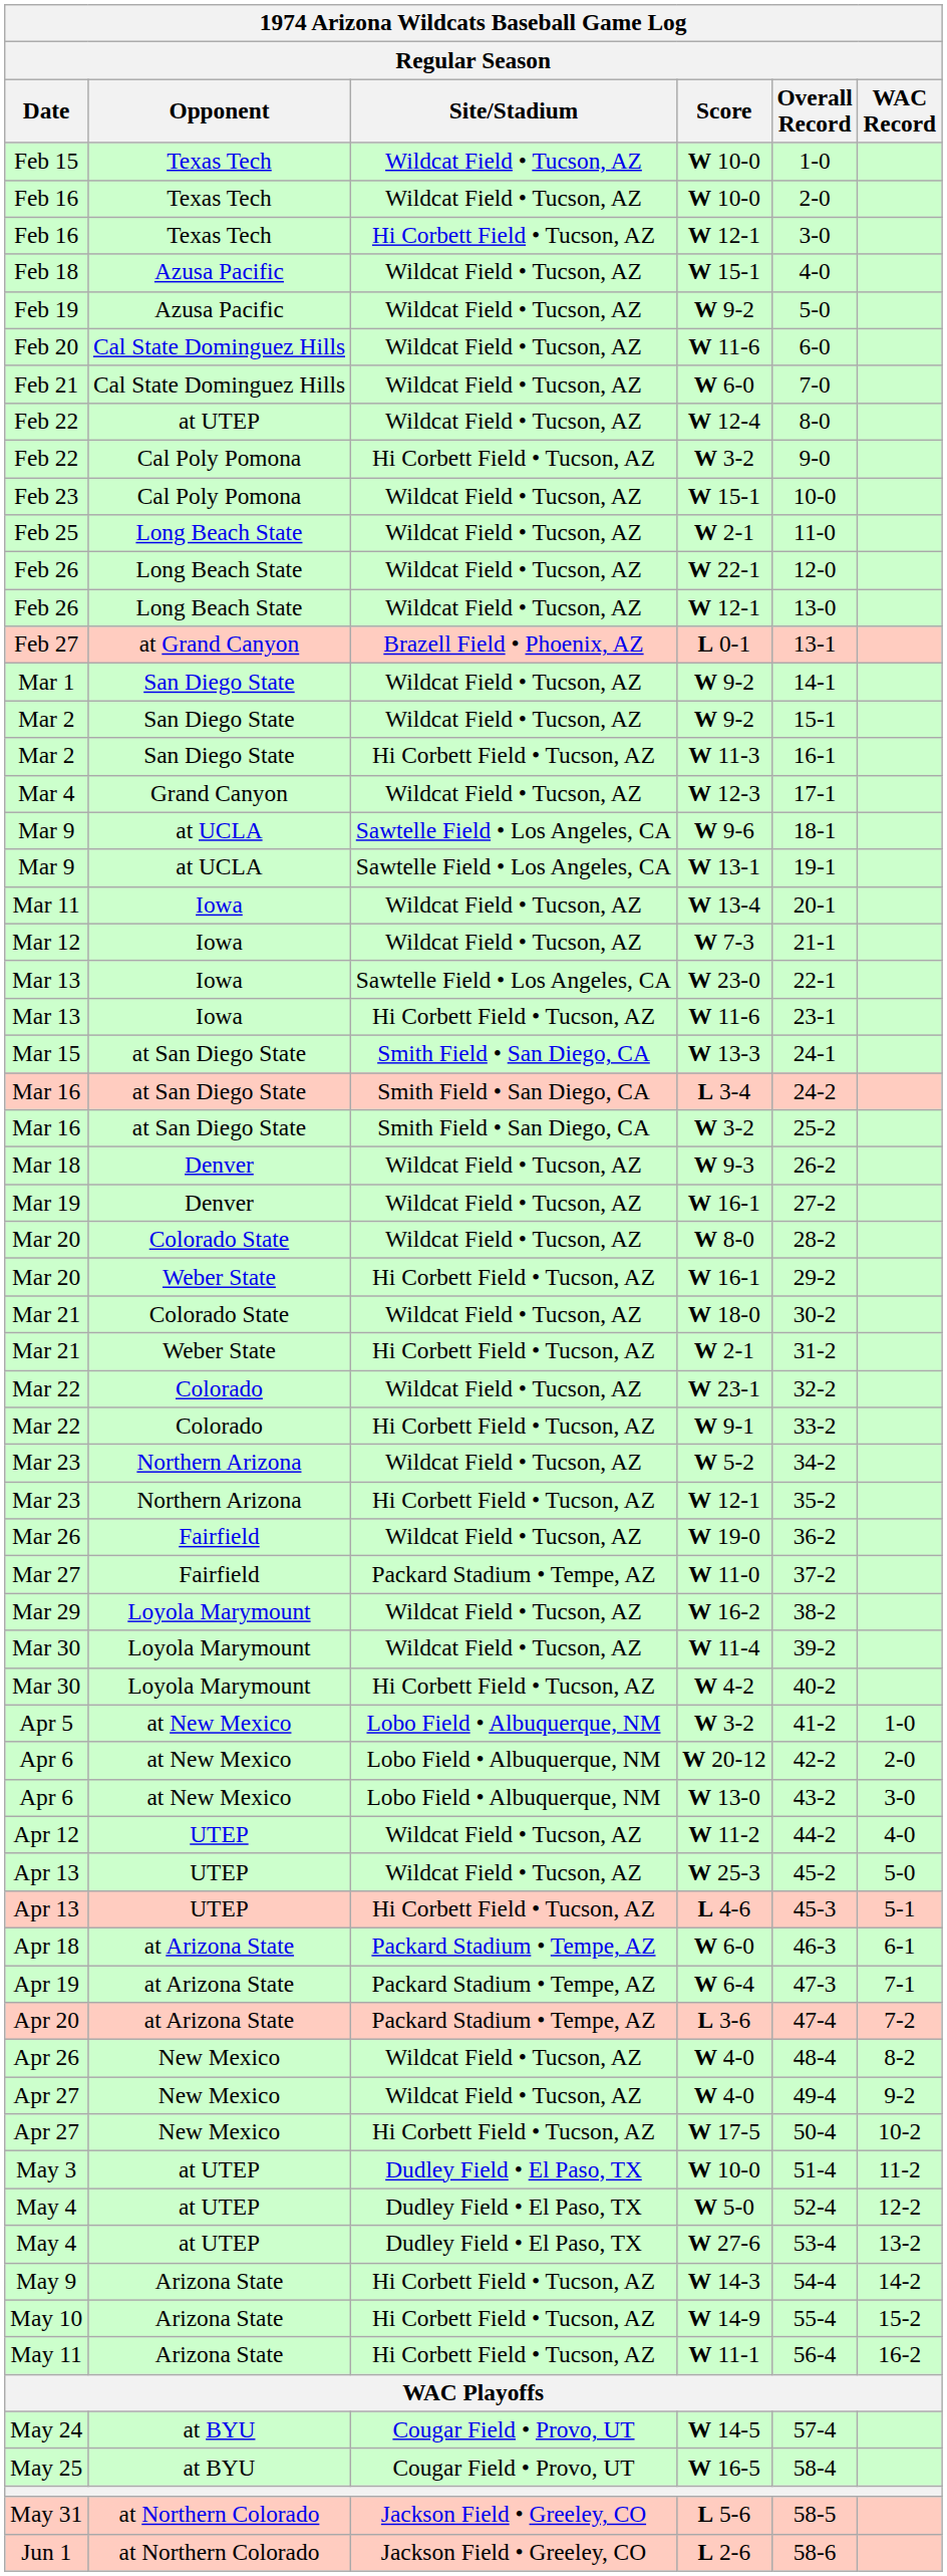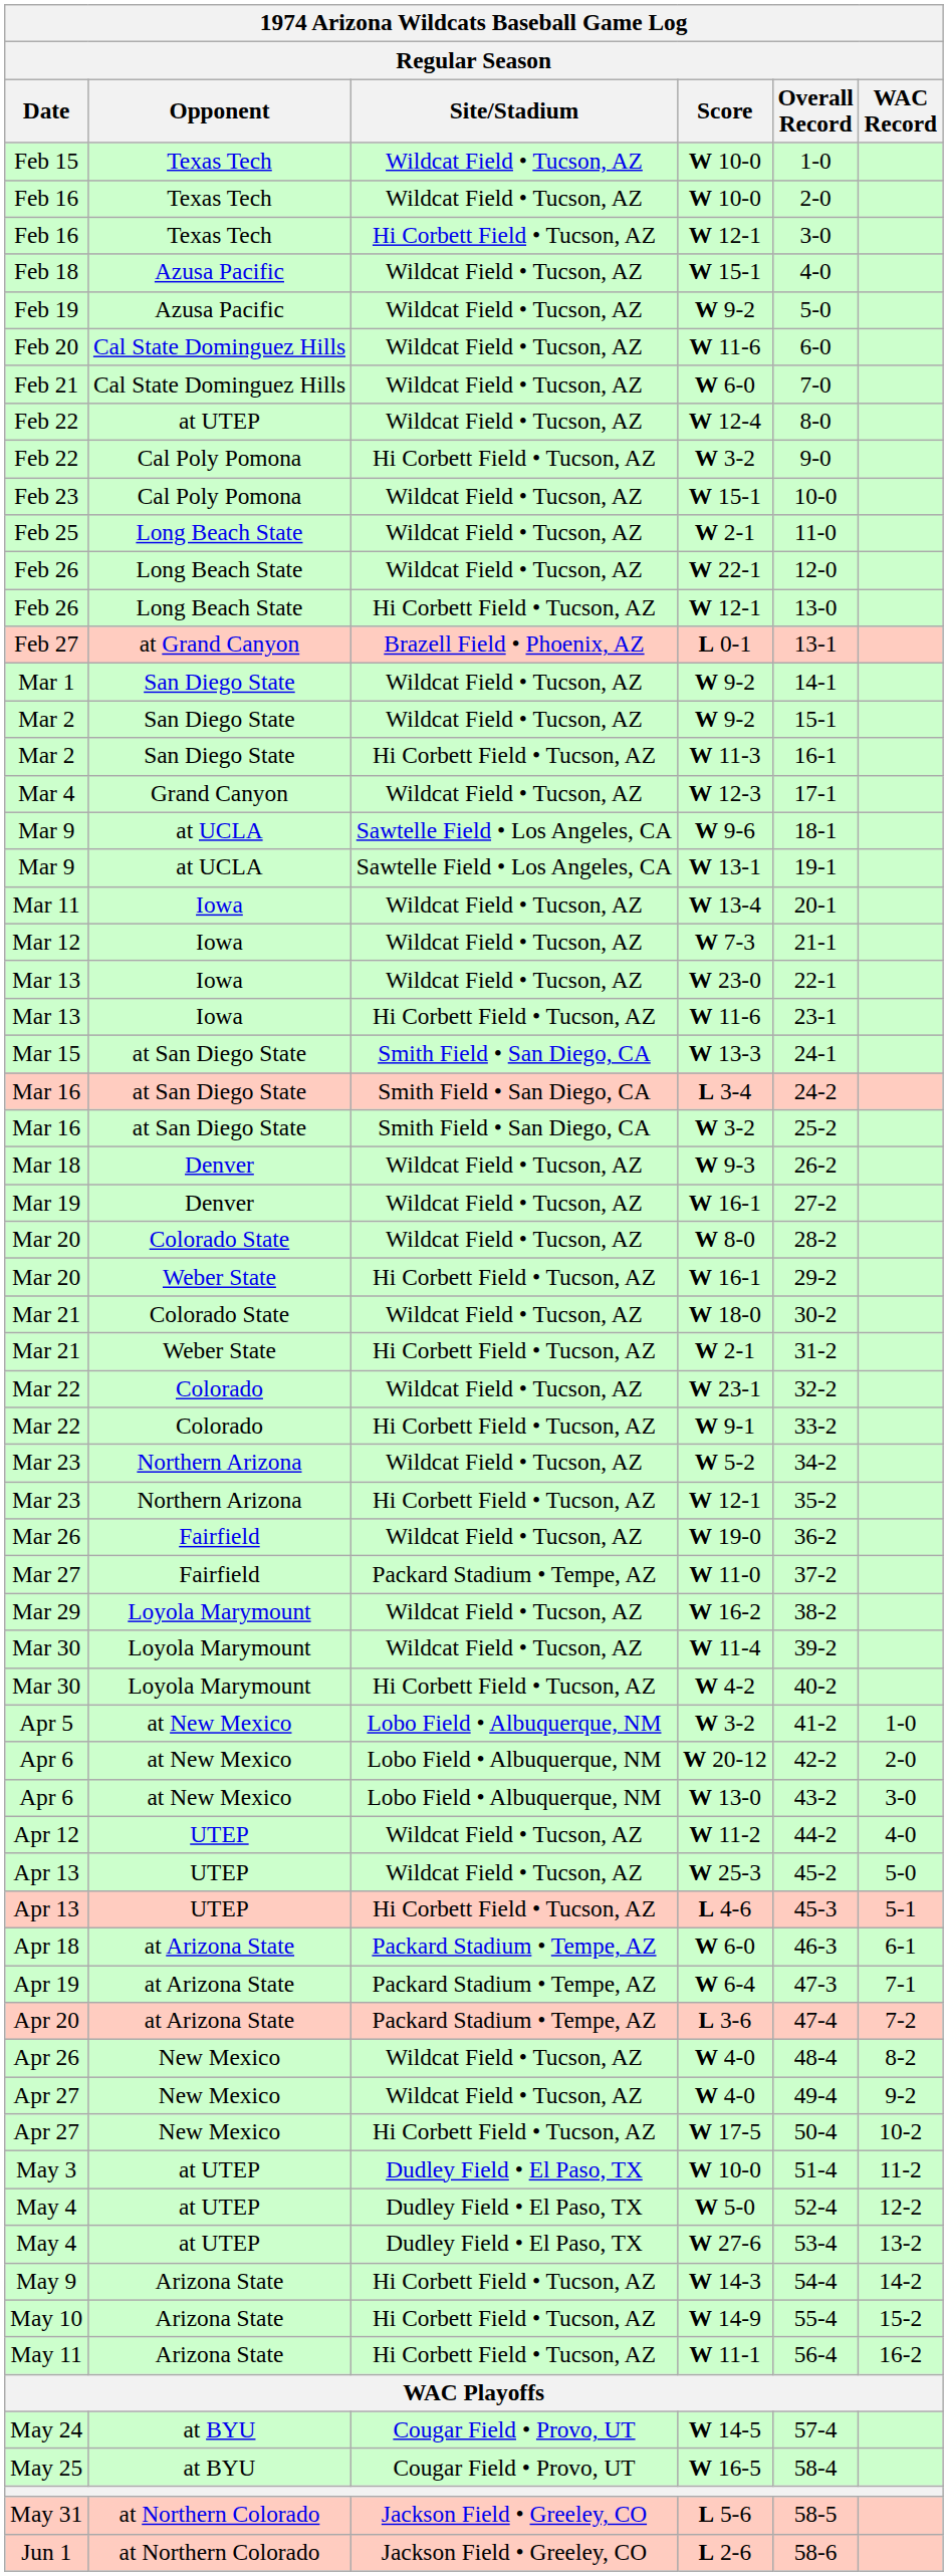 <table class="wikitable">
 <tr>
 <th colspan="6">1974 Arizona Wildcats Baseball Game Log</th>
 </tr>
 <tr>
 <th colspan="6">Regular Season</th>
 </tr>
 <tr>
 <th>Date</th>
 <th>Opponent</th>
 <th>Site/Stadium</th>
 <th>Score</th>
 <th>Overall<br>Record</th>
 <th>WAC<br>Record</th>
 </tr>
 <tr bgcolor="ccffcc" align="center">
 <td>Feb 15</td>
 <td><a href='#'>Texas Tech</a></td>
 <td><a href='#'>Wildcat Field</a> • <a href='#'>Tucson, AZ</a></td>
 <td><strong>W</strong> 10-0</td>
 <td>1-0</td>
 <td></td>
 </tr>
 <tr bgcolor="ccffcc" align="center">
 <td>Feb 16</td>
 <td>Texas Tech</td>
 <td>Wildcat Field • Tucson, AZ</td>
 <td><strong>W</strong> 10-0</td>
 <td>2-0</td>
 <td></td>
 </tr>
 <tr bgcolor="ccffcc" align="center">
 <td>Feb 16</td>
 <td>Texas Tech</td>
 <td><a href='#'>Hi Corbett Field</a> • Tucson, AZ</td>
 <td><strong>W</strong> 12-1</td>
 <td>3-0</td>
 <td></td>
 </tr>
 <tr bgcolor="ccffcc" align="center">
 <td>Feb 18</td>
 <td><a href='#'>Azusa Pacific</a></td>
 <td>Wildcat Field • Tucson, AZ</td>
 <td><strong>W</strong> 15-1</td>
 <td>4-0</td>
 <td></td>
 </tr>
 <tr bgcolor="ccffcc" align="center">
 <td>Feb 19</td>
 <td>Azusa Pacific</td>
 <td>Wildcat Field • Tucson, AZ</td>
 <td><strong>W</strong> 9-2</td>
 <td>5-0</td>
 <td></td>
 </tr>
 <tr bgcolor="ccffcc" align="center">
 <td>Feb 20</td>
 <td><a href='#'>Cal State Dominguez Hills</a></td>
 <td>Wildcat Field • Tucson, AZ</td>
 <td><strong>W</strong> 11-6</td>
 <td>6-0</td>
 <td></td>
 </tr>
 <tr bgcolor="ccffcc" align="center">
 <td>Feb 21</td>
 <td>Cal State Dominguez Hills</td>
 <td>Wildcat Field • Tucson, AZ</td>
 <td><strong>W</strong> 6-0</td>
 <td>7-0</td>
 <td></td>
 </tr>
 <tr bgcolor="ccffcc" align="center">
 <td>Feb 22</td>
 <td>at UTEP</td>
 <td>Wildcat Field • Tucson, AZ</td>
 <td><strong>W</strong> 12-4</td>
 <td>8-0</td>
 <td></td>
 </tr>
 <tr bgcolor="ccffcc" align="center">
 <td>Feb 22</td>
 <td>Cal Poly Pomona</td>
 <td>Hi Corbett Field • Tucson, AZ</td>
 <td><strong>W</strong> 3-2</td>
 <td>9-0</td>
 <td></td>
 </tr>
 <tr bgcolor="ccffcc" align="center">
 <td>Feb 23</td>
 <td>Cal Poly Pomona</td>
 <td>Wildcat Field • Tucson, AZ</td>
 <td><strong>W</strong> 15-1</td>
 <td>10-0</td>
 <td></td>
 </tr>
 <tr bgcolor="ccffcc" align="center">
 <td>Feb 25</td>
 <td><a href='#'>Long Beach State</a></td>
 <td>Wildcat Field • Tucson, AZ</td>
 <td><strong>W</strong> 2-1</td>
 <td>11-0</td>
 <td></td>
 </tr>
 <tr bgcolor="ccffcc" align="center">
 <td>Feb 26</td>
 <td>Long Beach State</td>
 <td>Wildcat Field • Tucson, AZ</td>
 <td><strong>W</strong> 22-1</td>
 <td>12-0</td>
 <td></td>
 </tr>
 <tr bgcolor="ccffcc" align="center">
 <td>Feb 26</td>
 <td>Long Beach State</td>
-<td>Wildcat Field • Tucson, AZ</td>
+<td>Hi Corbett Field • Tucson, AZ</td>
 <td><strong>W</strong> 12-1</td>
 <td>13-0</td>
 <td></td>
 </tr>
 <tr bgcolor="ffccc" align="center">
 <td>Feb 27</td>
 <td>at <a href='#'>Grand Canyon</a></td>
 <td><a href='#'>Brazell Field</a> • <a href='#'>Phoenix, AZ</a></td>
 <td><strong>L</strong> 0-1</td>
 <td>13-1</td>
 <td></td>
 </tr>
 <tr bgcolor="ccffcc" align="center">
 <td>Mar 1</td>
 <td><a href='#'>San Diego State</a></td>
 <td>Wildcat Field • Tucson, AZ</td>
 <td><strong>W</strong> 9-2</td>
 <td>14-1</td>
 <td></td>
 </tr>
 <tr bgcolor="ccffcc" align="center">
 <td>Mar 2</td>
 <td>San Diego State</td>
 <td>Wildcat Field • Tucson, AZ</td>
 <td><strong>W</strong> 9-2</td>
 <td>15-1</td>
 <td></td>
 </tr>
 <tr bgcolor="ccffcc" align="center">
 <td>Mar 2</td>
 <td>San Diego State</td>
 <td>Hi Corbett Field • Tucson, AZ</td>
 <td><strong>W</strong> 11-3</td>
 <td>16-1</td>
 <td></td>
 </tr>
 <tr bgcolor="ccffcc" align="center">
 <td>Mar 4</td>
 <td>Grand Canyon</td>
 <td>Wildcat Field • Tucson, AZ</td>
 <td><strong>W</strong> 12-3</td>
 <td>17-1</td>
 <td></td>
 </tr>
 <tr bgcolor="ccffcc" align="center">
 <td>Mar 9</td>
 <td>at <a href='#'>UCLA</a></td>
 <td><a href='#'>Sawtelle Field</a> • Los Angeles, CA</td>
 <td><strong>W</strong> 9-6</td>
 <td>18-1</td>
 <td></td>
 </tr>
 <tr bgcolor="ccffcc" align="center">
 <td>Mar 9</td>
 <td>at UCLA</td>
 <td>Sawtelle Field • Los Angeles, CA</td>
 <td><strong>W</strong> 13-1</td>
 <td>19-1</td>
 <td></td>
 </tr>
 <tr bgcolor="ccffcc" align="center">
 <td>Mar 11</td>
 <td><a href='#'>Iowa</a></td>
 <td>Wildcat Field • Tucson, AZ</td>
 <td><strong>W</strong> 13-4</td>
 <td>20-1</td>
 <td></td>
 </tr>
 <tr bgcolor="ccffcc" align="center">
 <td>Mar 12</td>
 <td>Iowa</td>
 <td>Wildcat Field • Tucson, AZ</td>
 <td><strong>W</strong> 7-3</td>
 <td>21-1</td>
 <td></td>
 </tr>
 <tr bgcolor="ccffcc" align="center">
 <td>Mar 13</td>
 <td>Iowa</td>
-<td>Sawtelle Field • Los Angeles, CA</td>
+<td>Wildcat Field • Tucson, AZ</td>
 <td><strong>W</strong> 23-0</td>
 <td>22-1</td>
 <td></td>
 </tr>
 <tr bgcolor="ccffcc" align="center">
 <td>Mar 13</td>
 <td>Iowa</td>
 <td>Hi Corbett Field • Tucson, AZ</td>
 <td><strong>W</strong> 11-6</td>
 <td>23-1</td>
 <td></td>
 </tr>
 <tr bgcolor="ccffcc" align="center">
 <td>Mar 15</td>
 <td>at San Diego State</td>
 <td><a href='#'>Smith Field</a> • <a href='#'>San Diego, CA</a></td>
 <td><strong>W</strong> 13-3</td>
 <td>24-1</td>
 <td></td>
 </tr>
 <tr bgcolor="ffccc" align="center">
 <td>Mar 16</td>
 <td>at San Diego State</td>
 <td>Smith Field • San Diego, CA</td>
 <td><strong>L</strong> 3-4</td>
 <td>24-2</td>
 <td></td>
 </tr>
 <tr bgcolor="ccffcc" align="center">
 <td>Mar 16</td>
 <td>at San Diego State</td>
 <td>Smith Field • San Diego, CA</td>
 <td><strong>W</strong> 3-2</td>
 <td>25-2</td>
 <td></td>
 </tr>
 <tr bgcolor="ccffcc" align="center">
 <td>Mar 18</td>
 <td><a href='#'>Denver</a></td>
 <td>Wildcat Field • Tucson, AZ</td>
 <td><strong>W</strong> 9-3</td>
 <td>26-2</td>
 <td></td>
 </tr>
 <tr bgcolor="ccffcc" align="center">
 <td>Mar 19</td>
 <td>Denver</td>
 <td>Wildcat Field • Tucson, AZ</td>
 <td><strong>W</strong> 16-1</td>
 <td>27-2</td>
 <td></td>
 </tr>
 <tr bgcolor="ccffcc" align="center">
 <td>Mar 20</td>
 <td><a href='#'>Colorado State</a></td>
 <td>Wildcat Field • Tucson, AZ</td>
 <td><strong>W</strong> 8-0</td>
 <td>28-2</td>
 <td></td>
 </tr>
 <tr bgcolor="ccffcc" align="center">
 <td>Mar 20</td>
 <td><a href='#'>Weber State</a></td>
 <td>Hi Corbett Field • Tucson, AZ</td>
 <td><strong>W</strong> 16-1</td>
 <td>29-2</td>
 <td></td>
 </tr>
 <tr bgcolor="ccffcc" align="center">
 <td>Mar 21</td>
 <td>Colorado State</td>
 <td>Wildcat Field • Tucson, AZ</td>
 <td><strong>W</strong> 18-0</td>
 <td>30-2</td>
 <td></td>
 </tr>
 <tr bgcolor="ccffcc" align="center">
 <td>Mar 21</td>
 <td>Weber State</td>
 <td>Hi Corbett Field • Tucson, AZ</td>
 <td><strong>W</strong> 2-1</td>
 <td>31-2</td>
 <td></td>
 </tr>
 <tr bgcolor="ccffcc" align="center">
 <td>Mar 22</td>
 <td><a href='#'>Colorado</a></td>
 <td>Wildcat Field • Tucson, AZ</td>
 <td><strong>W</strong> 23-1</td>
 <td>32-2</td>
 <td></td>
 </tr>
 <tr bgcolor="ccffcc" align="center">
 <td>Mar 22</td>
 <td>Colorado</td>
 <td>Hi Corbett Field • Tucson, AZ</td>
 <td><strong>W</strong> 9-1</td>
 <td>33-2</td>
 <td></td>
 </tr>
 <tr bgcolor="ccffcc" align="center">
 <td>Mar 23</td>
 <td><a href='#'>Northern Arizona</a></td>
 <td>Wildcat Field • Tucson, AZ</td>
 <td><strong>W</strong> 5-2</td>
 <td>34-2</td>
 <td></td>
 </tr>
 <tr bgcolor="ccffcc" align="center">
 <td>Mar 23</td>
 <td>Northern Arizona</td>
 <td>Hi Corbett Field • Tucson, AZ</td>
 <td><strong>W</strong> 12-1</td>
 <td>35-2</td>
 <td></td>
 </tr>
 <tr bgcolor="ccffcc" align="center">
 <td>Mar 26</td>
 <td><a href='#'>Fairfield</a></td>
 <td>Wildcat Field • Tucson, AZ</td>
 <td><strong>W</strong> 19-0</td>
 <td>36-2</td>
 <td></td>
 </tr>
 <tr bgcolor="ccffcc" align="center">
 <td>Mar 27</td>
 <td>Fairfield</td>
 <td>Packard Stadium • Tempe, AZ</td>
 <td><strong>W</strong> 11-0</td>
 <td>37-2</td>
 <td></td>
 </tr>
 <tr bgcolor="ccffcc" align="center">
 <td>Mar 29</td>
 <td><a href='#'>Loyola Marymount</a></td>
 <td>Wildcat Field • Tucson, AZ</td>
 <td><strong>W</strong> 16-2</td>
 <td>38-2</td>
 <td></td>
 </tr>
 <tr bgcolor="ccffcc" align="center">
 <td>Mar 30</td>
 <td>Loyola Marymount</td>
 <td>Wildcat Field • Tucson, AZ</td>
 <td><strong>W</strong> 11-4</td>
 <td>39-2</td>
 <td></td>
 </tr>
 <tr bgcolor="ccffcc" align="center">
 <td>Mar 30</td>
 <td>Loyola Marymount</td>
 <td>Hi Corbett Field • Tucson, AZ</td>
 <td><strong>W</strong> 4-2</td>
 <td>40-2</td>
 <td></td>
 </tr>
 <tr bgcolor="ccffcc" align="center">
 <td>Apr 5</td>
 <td>at <a href='#'>New Mexico</a></td>
 <td><a href='#'>Lobo Field</a> • <a href='#'>Albuquerque, NM</a></td>
 <td><strong>W</strong> 3-2</td>
 <td>41-2</td>
 <td>1-0</td>
 </tr>
 <tr bgcolor="ccffcc" align="center">
 <td>Apr 6</td>
 <td>at New Mexico</td>
 <td>Lobo Field • Albuquerque, NM</td>
 <td><strong>W</strong> 20-12</td>
 <td>42-2</td>
 <td>2-0</td>
 </tr>
 <tr bgcolor="ccffcc" align="center">
 <td>Apr 6</td>
 <td>at New Mexico</td>
 <td>Lobo Field • Albuquerque, NM</td>
 <td><strong>W</strong> 13-0</td>
 <td>43-2</td>
 <td>3-0</td>
 </tr>
 <tr bgcolor="ccffcc" align="center">
 <td>Apr 12</td>
 <td><a href='#'>UTEP</a></td>
 <td>Wildcat Field • Tucson, AZ</td>
 <td><strong>W</strong> 11-2</td>
 <td>44-2</td>
 <td>4-0</td>
 </tr>
 <tr bgcolor="ccffcc" align="center">
 <td>Apr 13</td>
 <td>UTEP</td>
 <td>Wildcat Field • Tucson, AZ</td>
 <td><strong>W</strong> 25-3</td>
 <td>45-2</td>
 <td>5-0</td>
 </tr>
 <tr bgcolor="ffccc" align="center">
 <td>Apr 13</td>
 <td>UTEP</td>
 <td>Hi Corbett Field • Tucson, AZ</td>
 <td><strong>L</strong> 4-6</td>
 <td>45-3</td>
 <td>5-1</td>
 </tr>
 <tr bgcolor="ccffcc" align="center">
 <td>Apr 18</td>
 <td>at <a href='#'>Arizona State</a></td>
 <td><a href='#'>Packard Stadium</a> • <a href='#'>Tempe, AZ</a></td>
 <td><strong>W</strong> 6-0</td>
 <td>46-3</td>
 <td>6-1</td>
 </tr>
 <tr bgcolor="ccffcc" align="center">
 <td>Apr 19</td>
 <td>at Arizona State</td>
 <td>Packard Stadium • Tempe, AZ</td>
 <td><strong>W</strong> 6-4</td>
 <td>47-3</td>
 <td>7-1</td>
 </tr>
 <tr bgcolor="ffccc" align="center">
 <td>Apr 20</td>
 <td>at Arizona State</td>
 <td>Packard Stadium • Tempe, AZ</td>
 <td><strong>L</strong> 3-6</td>
 <td>47-4</td>
 <td>7-2</td>
 </tr>
 <tr bgcolor="ccffcc" align="center">
 <td>Apr 26</td>
 <td>New Mexico</td>
 <td>Wildcat Field • Tucson, AZ</td>
 <td><strong>W</strong> 4-0</td>
 <td>48-4</td>
 <td>8-2</td>
 </tr>
 <tr bgcolor="ccffcc" align="center">
 <td>Apr 27</td>
 <td>New Mexico</td>
 <td>Wildcat Field • Tucson, AZ</td>
 <td><strong>W</strong> 4-0</td>
 <td>49-4</td>
 <td>9-2</td>
 </tr>
 <tr bgcolor="ccffcc" align="center">
 <td>Apr 27</td>
 <td>New Mexico</td>
 <td>Hi Corbett Field • Tucson, AZ</td>
 <td><strong>W</strong> 17-5</td>
 <td>50-4</td>
 <td>10-2</td>
 </tr>
 <tr bgcolor="ccffcc" align="center">
 <td>May 3</td>
 <td>at UTEP</td>
 <td><a href='#'>Dudley Field</a> • <a href='#'>El Paso, TX</a></td>
 <td><strong>W</strong> 10-0</td>
 <td>51-4</td>
 <td>11-2</td>
 </tr>
 <tr bgcolor="ccffcc" align="center">
 <td>May 4</td>
 <td>at UTEP</td>
 <td>Dudley Field • El Paso, TX</td>
 <td><strong>W</strong> 5-0</td>
 <td>52-4</td>
 <td>12-2</td>
 </tr>
 <tr bgcolor="ccffcc" align="center">
 <td>May 4</td>
 <td>at UTEP</td>
 <td>Dudley Field • El Paso, TX</td>
 <td><strong>W</strong> 27-6</td>
 <td>53-4</td>
 <td>13-2</td>
 </tr>
 <tr bgcolor="ccffcc" align="center">
 <td>May 9</td>
 <td>Arizona State</td>
 <td>Hi Corbett Field • Tucson, AZ</td>
 <td><strong>W</strong> 14-3</td>
 <td>54-4</td>
 <td>14-2</td>
 </tr>
 <tr bgcolor="ccffcc" align="center">
 <td>May 10</td>
 <td>Arizona State</td>
 <td>Hi Corbett Field • Tucson, AZ</td>
 <td><strong>W</strong> 14-9</td>
 <td>55-4</td>
 <td>15-2</td>
 </tr>
 <tr bgcolor="ccffcc" align="center">
 <td>May 11</td>
 <td>Arizona State</td>
 <td>Hi Corbett Field • Tucson, AZ</td>
 <td><strong>W</strong> 11-1</td>
 <td>56-4</td>
 <td>16-2</td>
 </tr>
 <tr>
 <th colspan="6">WAC Playoffs</th>
 </tr>
 <tr bgcolor="ccffcc" align="center">
 <td>May 24</td>
 <td>at <a href='#'>BYU</a></td>
 <td><a href='#'>Cougar Field</a> • <a href='#'>Provo, UT</a></td>
 <td><strong>W</strong> 14-5</td>
 <td>57-4</td>
 <td></td>
 </tr>
 <tr bgcolor="ccffcc" align="center">
 <td>May 25</td>
 <td>at BYU</td>
 <td>Cougar Field • Provo, UT</td>
 <td><strong>W</strong> 16-5</td>
 <td>58-4</td>
 <td></td>
 </tr>
 <tr>
 <th colspan="6"><a href='#'></a></th>
 </tr>
 <tr bgcolor="ffccc" align="center">
 <td>May 31</td>
 <td>at <a href='#'>Northern Colorado</a></td>
 <td><a href='#'>Jackson Field</a> • <a href='#'>Greeley, CO</a></td>
 <td><strong>L</strong> 5-6</td>
 <td>58-5</td>
 <td></td>
 </tr>
 <tr bgcolor="ffccc" align="center">
 <td>Jun 1</td>
 <td>at Northern Colorado</td>
 <td>Jackson Field • Greeley, CO</td>
 <td><strong>L</strong> 2-6</td>
 <td>58-6</td>
 <td></td>
 </tr>
 </table>
